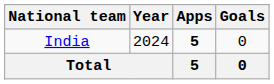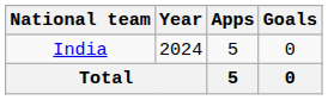 <table class="wikitable" style="text-align:center">
 <tr>
 <th>National team</th>
 <th>Year</th>
 <th>Apps</th>
 <th>Goals</th>
 </tr>
 <tr>
 <td rowspan="1"><a href='#'>India</a></td>
 <td>2024</td>
-<td><strong>5</strong></td>
+<td>5</td>
 <td>0</td>
 </tr>
 <tr>
 <th colspan="2">Total</th>
 <th>5</th>
 <th>0</th>
 </tr>
 </table>
